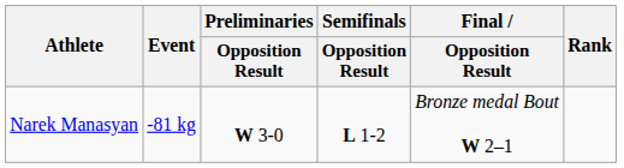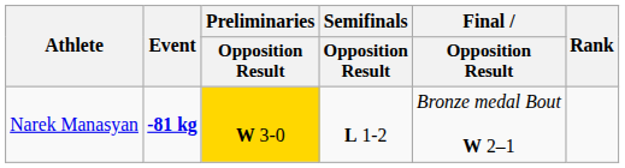 <table class="wikitable" style="font-size:90%;">
 <tr>
 <th rowspan=2>Athlete</th>
 <th rowspan=2>Event</th>
 <th>Preliminaries</th>
 <th>Semifinals</th>
 <th>Final / </th>
 <th rowspan=2>Rank</th>
 </tr>
 <tr style="font-size:95%">
 <th>Opposition<br>Result</th>
 <th>Opposition<br>Result</th>
 <th>Opposition<br>Result</th>
 </tr>
 <tr align=center>
 <td align=left><a href='#'>Narek Manasyan</a></td>
-<td align=left><a href='#'>-81 kg</a></td>
-<td><br><strong>W</strong> 3-0</td>
+<td align=left><strong><a href='#'>-81 kg</a></strong></td>
+<td style="background: gold;"><br><strong>W</strong> 3-0</td>
 <td><br><strong>L</strong> 1-2</td>
 <td><em>Bronze medal Bout</em><br><br><strong>W</strong> 2–1</td>
 <td></td>
 </tr>
 </table>
